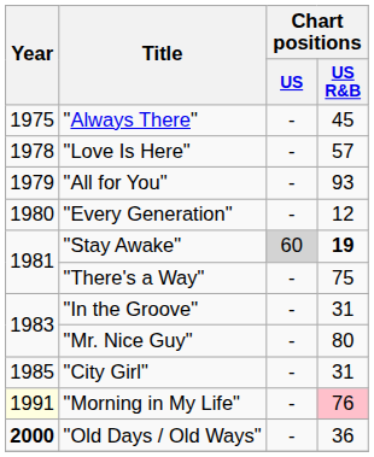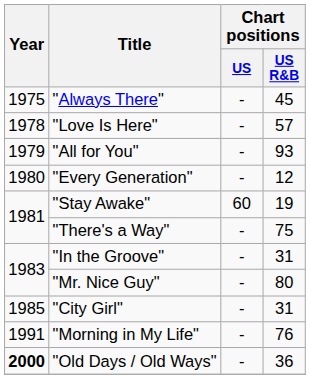 <table class="wikitable" style="text-align:center;">
 <tr>
 <th rowspan="2">Year</th>
 <th rowspan="2">Title</th>
 <th colspan="2">Chart positions</th>
 </tr>
 <tr style="font-size:smaller;">
 <th width="35"><a href='#'>US</a><br></th>
 <th width="35"><a href='#'>US<br>R&B</a><br></th>
 </tr>
 <tr>
 <td>1975</td>
 <td align="left">"<a href='#'>Always There</a>"</td>
 <td>-</td>
 <td>45</td>
 </tr>
 <tr>
 <td>1978</td>
 <td align="left">"Love Is Here"</td>
 <td>-</td>
 <td>57</td>
 </tr>
 <tr>
 <td>1979</td>
 <td align="left">"All for You"</td>
 <td>-</td>
 <td>93</td>
 </tr>
 <tr>
 <td>1980</td>
 <td align="left">"Every Generation"</td>
 <td>-</td>
 <td>12</td>
 </tr>
 <tr>
 <td rowspan="2">1981</td>
 <td align="left">"Stay Awake"</td>
-<td style="background: lightgrey;">60</td>
-<td><strong>19</strong></td>
+<td>60</td>
+<td>19</td>
 </tr>
 <tr>
 <td align="left">"There's a Way"</td>
 <td>-</td>
 <td>75</td>
 </tr>
 <tr>
 <td rowspan="2">1983</td>
 <td align="left">"In the Groove"</td>
 <td>-</td>
 <td>31</td>
 </tr>
 <tr>
 <td align="left">"Mr. Nice Guy"</td>
 <td>-</td>
 <td>80</td>
 </tr>
 <tr>
 <td>1985</td>
 <td align="left">"City Girl"</td>
 <td>-</td>
 <td>31</td>
 </tr>
 <tr>
-<td style="background: lightyellow;">1991</td>
+<td>1991</td>
 <td align="left">"Morning in My Life"</td>
 <td>-</td>
-<td style="background: pink;">76</td>
+<td>76</td>
 </tr>
 <tr>
 <td><strong>2000</strong></td>
 <td align="left">"Old Days / Old Ways"</td>
 <td>-</td>
 <td>36</td>
 </tr>
 <tr>
 </tr>
 </table>
